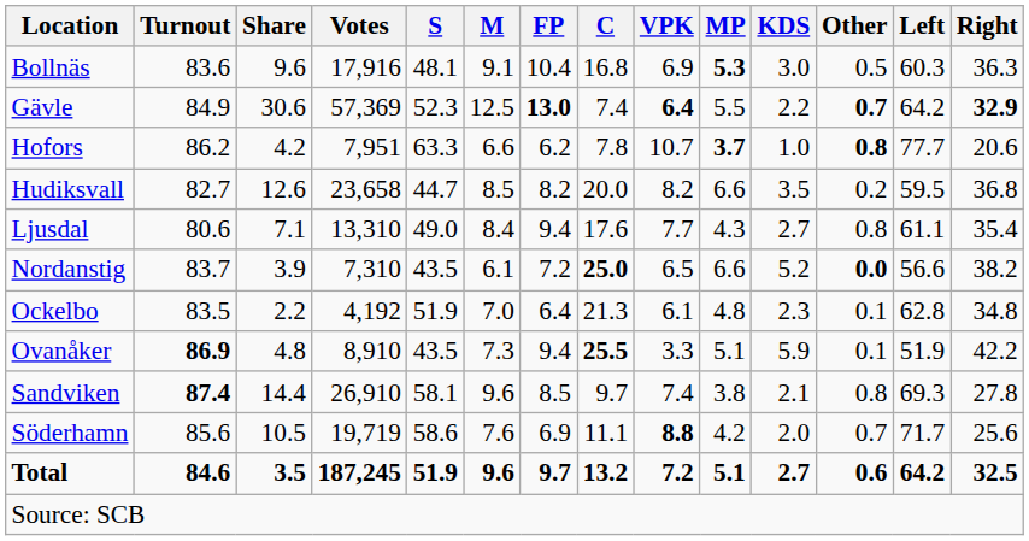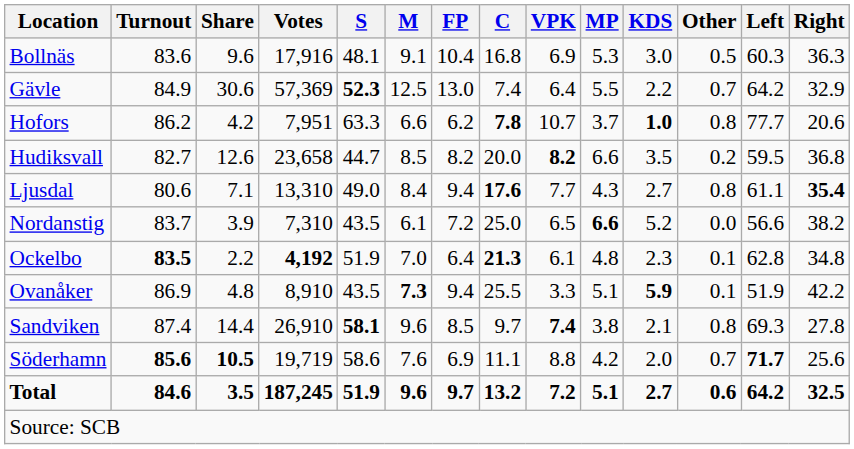 <table class="wikitable sortable" style=text-align:right>
 <tr>
 <th>Location</th>
 <th>Turnout</th>
 <th>Share</th>
 <th>Votes</th>
 <th><a href='#'>S</a></th>
 <th><a href='#'>M</a></th>
 <th><a href='#'>FP</a></th>
 <th><a href='#'>C</a></th>
 <th><a href='#'>VPK</a></th>
 <th><a href='#'>MP</a></th>
 <th><a href='#'>KDS</a></th>
 <th>Other</th>
 <th>Left</th>
 <th>Right</th>
 </tr>
 <tr>
 <td align=left><a href='#'>Bollnäs</a></td>
 <td>83.6</td>
 <td>9.6</td>
 <td>17,916</td>
 <td>48.1</td>
 <td>9.1</td>
 <td>10.4</td>
 <td>16.8</td>
 <td>6.9</td>
-<td><strong>5.3</strong></td>
+<td>5.3</td>
 <td>3.0</td>
 <td>0.5</td>
 <td>60.3</td>
 <td>36.3</td>
 </tr>
 <tr>
 <td align=left><a href='#'>Gävle</a></td>
 <td>84.9</td>
 <td>30.6</td>
 <td>57,369</td>
-<td>52.3</td>
+<td><strong>52.3</strong></td>
 <td>12.5</td>
-<td><strong>13.0</strong></td>
+<td>13.0</td>
 <td>7.4</td>
-<td><strong>6.4</strong></td>
+<td>6.4</td>
 <td>5.5</td>
 <td>2.2</td>
-<td><strong>0.7</strong></td>
+<td>0.7</td>
 <td>64.2</td>
-<td><strong>32.9</strong></td>
+<td>32.9</td>
 </tr>
 <tr>
 <td align=left><a href='#'>Hofors</a></td>
 <td>86.2</td>
 <td>4.2</td>
 <td>7,951</td>
 <td>63.3</td>
 <td>6.6</td>
 <td>6.2</td>
-<td>7.8</td>
+<td><strong>7.8</strong></td>
 <td>10.7</td>
-<td><strong>3.7</strong></td>
-<td>1.0</td>
-<td><strong>0.8</strong></td>
+<td>3.7</td>
+<td><strong>1.0</strong></td>
+<td>0.8</td>
 <td>77.7</td>
 <td>20.6</td>
 </tr>
 <tr>
 <td align=left><a href='#'>Hudiksvall</a></td>
 <td>82.7</td>
 <td>12.6</td>
 <td>23,658</td>
 <td>44.7</td>
 <td>8.5</td>
 <td>8.2</td>
 <td>20.0</td>
-<td>8.2</td>
+<td><strong>8.2</strong></td>
 <td>6.6</td>
 <td>3.5</td>
 <td>0.2</td>
 <td>59.5</td>
 <td>36.8</td>
 </tr>
 <tr>
 <td align=left><a href='#'>Ljusdal</a></td>
 <td>80.6</td>
 <td>7.1</td>
 <td>13,310</td>
 <td>49.0</td>
 <td>8.4</td>
 <td>9.4</td>
-<td>17.6</td>
+<td><strong>17.6</strong></td>
 <td>7.7</td>
 <td>4.3</td>
 <td>2.7</td>
 <td>0.8</td>
 <td>61.1</td>
-<td>35.4</td>
+<td><strong>35.4</strong></td>
 </tr>
 <tr>
 <td align=left><a href='#'>Nordanstig</a></td>
 <td>83.7</td>
 <td>3.9</td>
 <td>7,310</td>
 <td>43.5</td>
 <td>6.1</td>
 <td>7.2</td>
-<td><strong>25.0</strong></td>
+<td>25.0</td>
 <td>6.5</td>
-<td>6.6</td>
+<td><strong>6.6</strong></td>
 <td>5.2</td>
-<td><strong>0.0</strong></td>
+<td>0.0</td>
 <td>56.6</td>
 <td>38.2</td>
 </tr>
 <tr>
 <td align=left><a href='#'>Ockelbo</a></td>
-<td>83.5</td>
+<td><strong>83.5</strong></td>
 <td>2.2</td>
-<td>4,192</td>
+<td><strong>4,192</strong></td>
 <td>51.9</td>
 <td>7.0</td>
 <td>6.4</td>
-<td>21.3</td>
+<td><strong>21.3</strong></td>
 <td>6.1</td>
 <td>4.8</td>
 <td>2.3</td>
 <td>0.1</td>
 <td>62.8</td>
 <td>34.8</td>
 </tr>
 <tr>
 <td align=left><a href='#'>Ovanåker</a></td>
-<td><strong>86.9</strong></td>
+<td>86.9</td>
 <td>4.8</td>
 <td>8,910</td>
 <td>43.5</td>
-<td>7.3</td>
+<td><strong>7.3</strong></td>
 <td>9.4</td>
-<td><strong>25.5</strong></td>
+<td>25.5</td>
 <td>3.3</td>
 <td>5.1</td>
-<td>5.9</td>
+<td><strong>5.9</strong></td>
 <td>0.1</td>
 <td>51.9</td>
 <td>42.2</td>
 </tr>
 <tr>
 <td align=left><a href='#'>Sandviken</a></td>
-<td><strong>87.4</strong></td>
+<td>87.4</td>
 <td>14.4</td>
 <td>26,910</td>
-<td>58.1</td>
+<td><strong>58.1</strong></td>
 <td>9.6</td>
 <td>8.5</td>
 <td>9.7</td>
-<td>7.4</td>
+<td><strong>7.4</strong></td>
 <td>3.8</td>
 <td>2.1</td>
 <td>0.8</td>
 <td>69.3</td>
 <td>27.8</td>
 </tr>
 <tr>
 <td align=left><a href='#'>Söderhamn</a></td>
-<td>85.6</td>
-<td>10.5</td>
+<td><strong>85.6</strong></td>
+<td><strong>10.5</strong></td>
 <td>19,719</td>
 <td>58.6</td>
 <td>7.6</td>
 <td>6.9</td>
 <td>11.1</td>
-<td><strong>8.8</strong></td>
+<td>8.8</td>
 <td>4.2</td>
 <td>2.0</td>
 <td>0.7</td>
-<td>71.7</td>
+<td><strong>71.7</strong></td>
 <td>25.6</td>
 </tr>
 <tr>
 <td align=left><strong>Total</strong></td>
 <td><strong>84.6</strong></td>
 <td><strong>3.5</strong></td>
 <td><strong>187,245</strong></td>
 <td><strong>51.9</strong></td>
 <td><strong>9.6</strong></td>
 <td><strong>9.7</strong></td>
 <td><strong>13.2</strong></td>
 <td><strong>7.2</strong></td>
 <td><strong>5.1</strong></td>
 <td><strong>2.7</strong></td>
 <td><strong>0.6</strong></td>
 <td><strong>64.2</strong></td>
 <td><strong>32.5</strong></td>
 </tr>
 <tr>
 <td align=left colspan=14>Source: SCB </td>
 </tr>
 </table>
